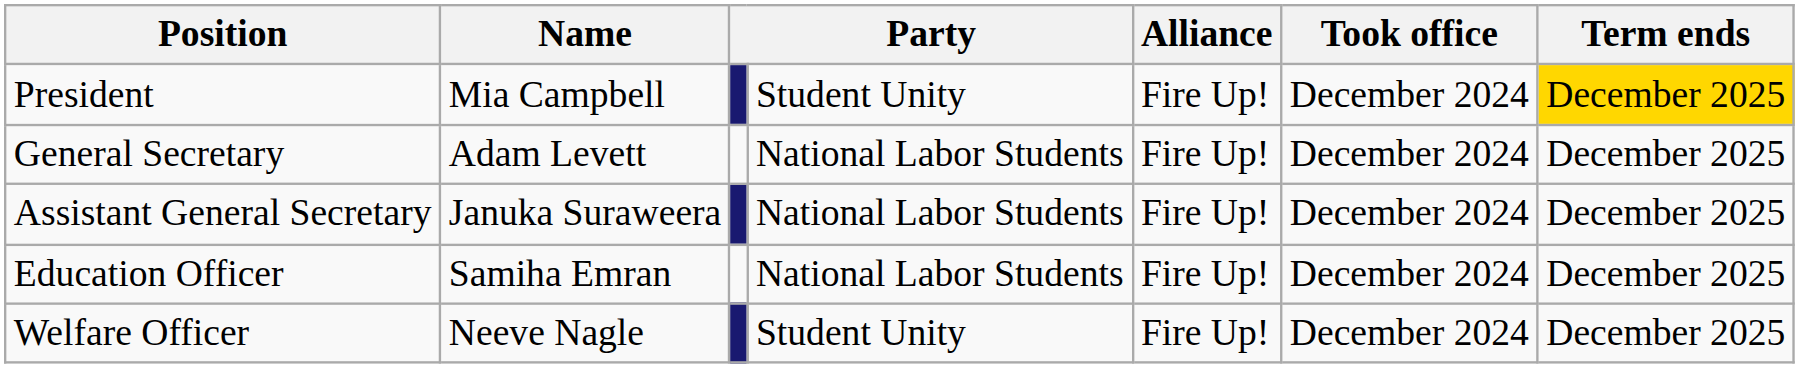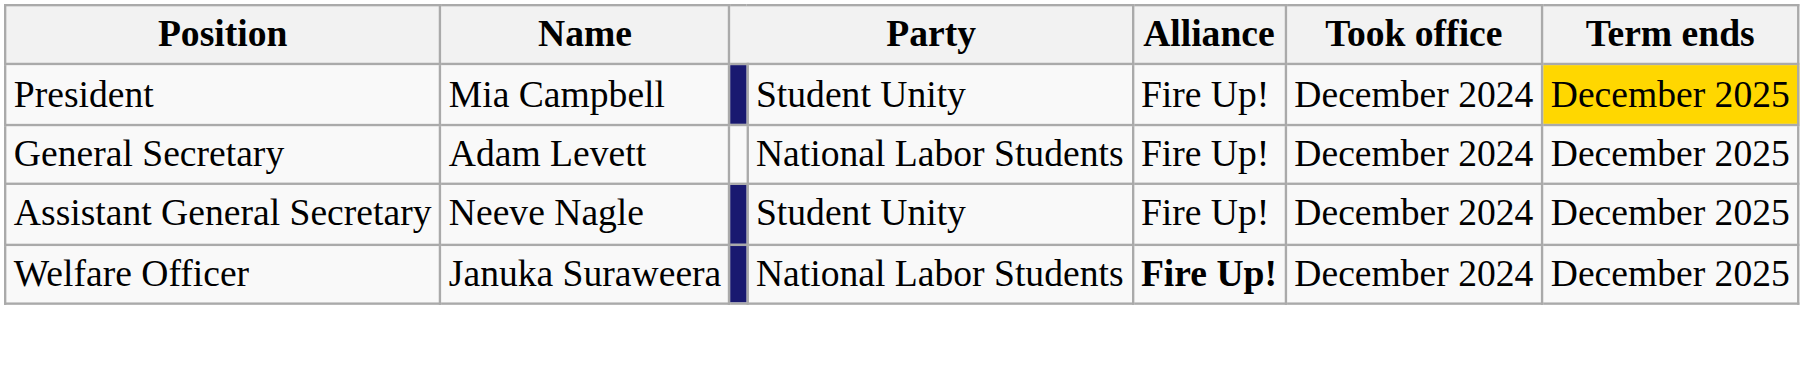 <table class="sortable wikitable">
 <tr>
 <th>Position</th>
 <th>Name</th>
 <th colspan="2">Party</th>
 <th>Alliance</th>
 <th>Took office</th>
 <th>Term ends</th>
 </tr>
 <tr>
 <td>President</td>
 <td>Mia Campbell</td>
 <td style="background: #191970;"></td>
 <td>Student Unity</td>
 <td>Fire Up!</td>
 <td>December 2024</td>
 <td style="background: gold;">December 2025</td>
 </tr>
 <tr>
 <td>General Secretary</td>
 <td>Adam Levett</td>
 <td style="background: "></td>
 <td>National Labor Students</td>
 <td>Fire Up!</td>
 <td>December 2024</td>
 <td>December 2025</td>
 </tr>
 <tr>
 <td>Assistant General Secretary</td>
-<td>Januka Suraweera</td>
-<td style="background: #191970;"></td>
-<td>National Labor Students</td>
-<td>Fire Up!</td>
-<td>December 2024</td>
-<td>December 2025</td>
-</tr>
-<tr>
-<td>Education Officer</td>
-<td>Samiha Emran</td>
-<td style="background: "></td>
-<td>National Labor Students</td>
-<td>Fire Up!</td>
-<td>December 2024</td>
-<td>December 2025</td>
-</tr>
-<tr>
-<td>Welfare Officer</td>
 <td>Neeve Nagle</td>
 <td style="background: #191970;"></td>
 <td>Student Unity</td>
 <td>Fire Up!</td>
 <td>December 2024</td>
 <td>December 2025</td>
 </tr>
+<tr>
+<td>Welfare Officer</td>
+<td>Januka Suraweera</td>
+<td style="background: #191970;"></td>
+<td>National Labor Students</td>
+<td><strong>Fire Up!</strong></td>
+<td>December 2024</td>
+<td>December 2025</td>
+</tr>
 </table>
